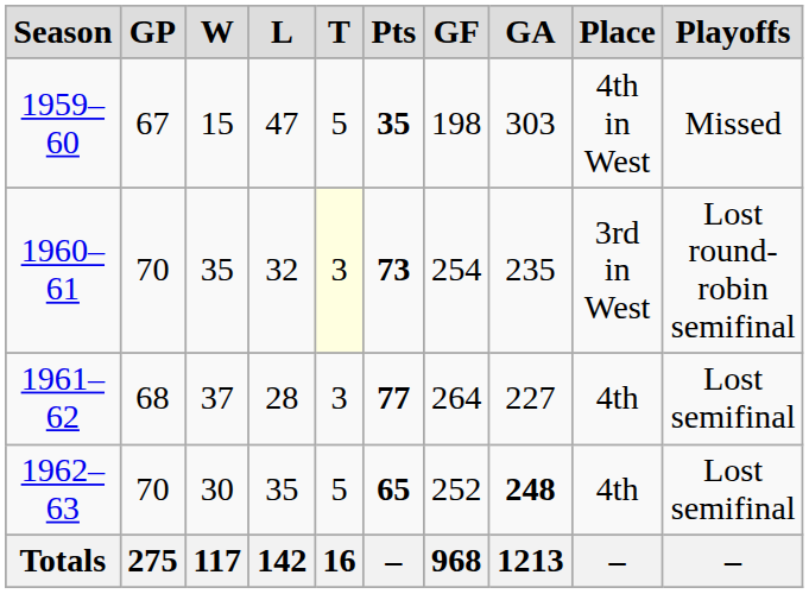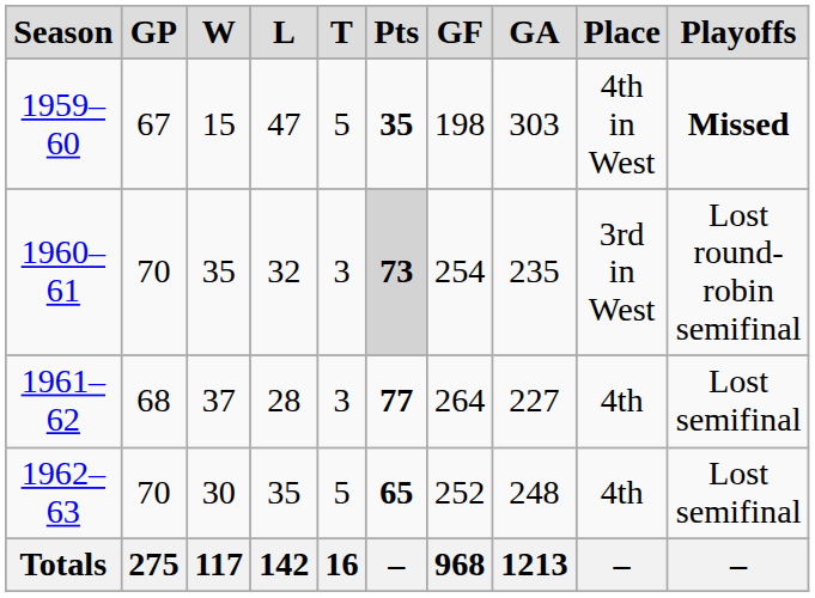 <table class="wikitable" width=40%>
 <tr style="font-weight:bold; background-color:#dddddd;" align="center" |>
 <td>Season</td>
 <td>GP</td>
 <td>W</td>
 <td>L</td>
 <td>T</td>
 <td>Pts</td>
 <td>GF</td>
 <td>GA</td>
 <td>Place</td>
 <td>Playoffs</td>
 </tr>
 <tr align="center">
 <td><a href='#'>1959–60</a></td>
 <td>67</td>
 <td>15</td>
 <td>47</td>
 <td>5</td>
 <td><strong>35</strong></td>
 <td>198</td>
 <td>303</td>
 <td>4th in West</td>
-<td>Missed</td>
+<td><strong>Missed</strong></td>
 </tr>
 <tr align="center">
 <td><a href='#'>1960–61</a></td>
 <td>70</td>
 <td>35</td>
 <td>32</td>
-<td style="background: lightyellow;">3</td>
-<td><strong>73</strong></td>
+<td>3</td>
+<td style="background: lightgrey;"><strong>73</strong></td>
 <td>254</td>
 <td>235</td>
 <td>3rd in West</td>
 <td>Lost round-robin semifinal</td>
 </tr>
 <tr align="center">
 <td><a href='#'>1961–62</a></td>
 <td>68</td>
 <td>37</td>
 <td>28</td>
 <td>3</td>
 <td><strong>77</strong></td>
 <td>264</td>
 <td>227</td>
 <td>4th</td>
 <td>Lost semifinal</td>
 </tr>
 <tr align="center">
 <td><a href='#'>1962–63</a></td>
 <td>70</td>
 <td>30</td>
 <td>35</td>
 <td>5</td>
 <td><strong>65</strong></td>
 <td>252</td>
-<td><strong>248</strong></td>
+<td>248</td>
 <td>4th</td>
 <td>Lost semifinal</td>
 </tr>
 <tr align="center">
 <th>Totals</th>
 <th>275</th>
 <th>117</th>
 <th>142</th>
 <th>16</th>
 <th>–</th>
 <th>968</th>
 <th>1213</th>
 <th>–</th>
 <th>–</th>
 </tr>
 </table>
